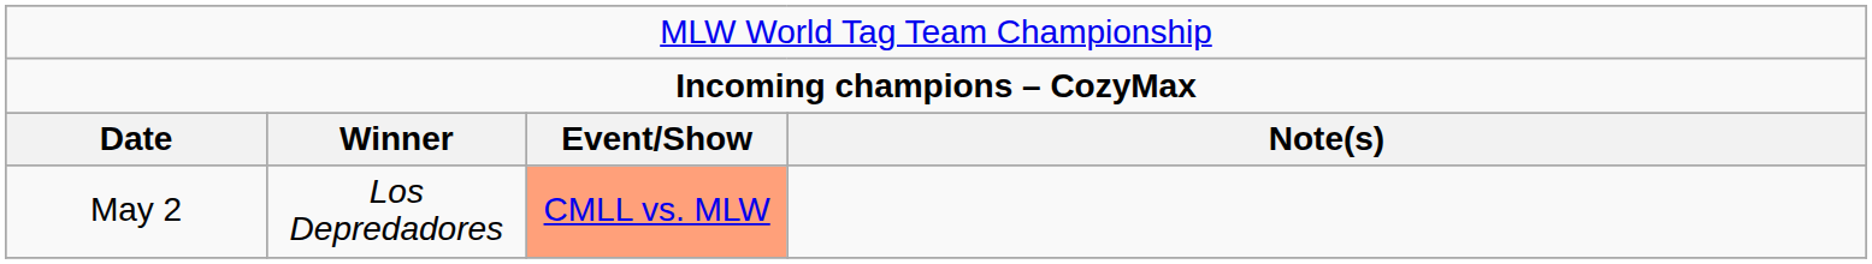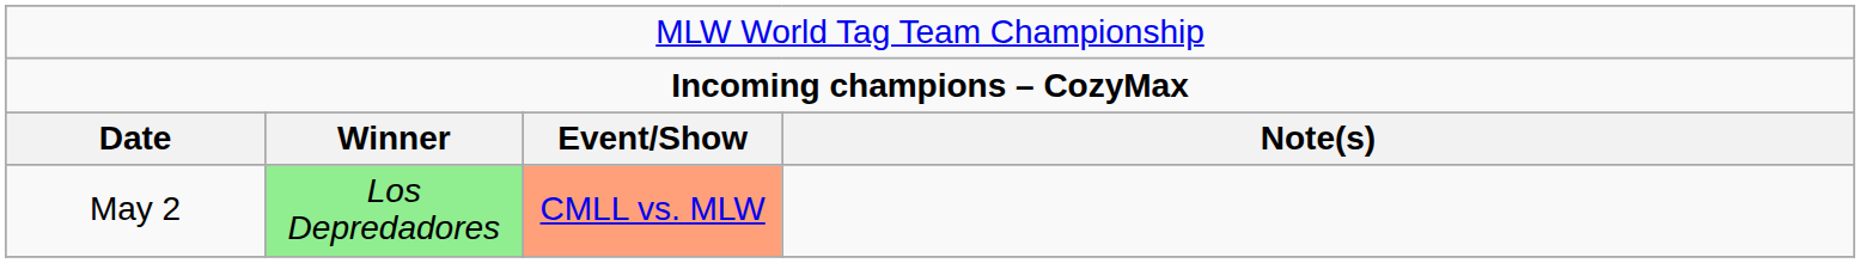 <table class="wikitable" style="text-align:center; width:100%;">
 <tr>
 <td colspan="4" style="text-align: center;"><a href='#'>MLW World Tag Team Championship</a></td>
 </tr>
 <tr>
 <td colspan="4" style="text-align: center;"><strong>Incoming champions – CozyMax </strong></td>
 </tr>
 <tr>
 <th width=14%>Date</th>
 <th width=14%>Winner</th>
 <th width=14%>Event/Show</th>
 <th width=58%>Note(s)</th>
 </tr>
 <tr>
 <td>May 2</td>
-<td><em>Los Depredadores</em><br></td>
+<td style="background: lightgreen;"><em>Los Depredadores</em><br></td>
 <td style="background: lightsalmon;"><a href='#'>CMLL vs. MLW</a></td>
 <td></td>
 </tr>
 </table>
